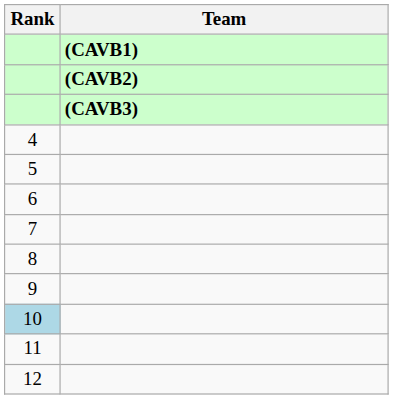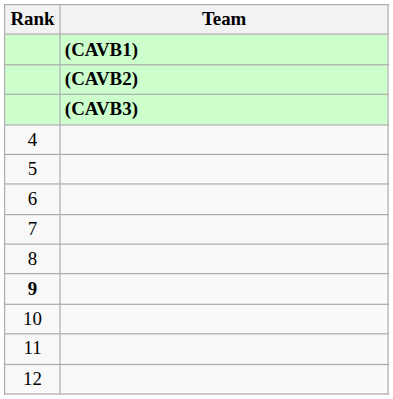 <table class="wikitable" style="text-align:center;">
 <tr>
 <th width=40>Rank</th>
 <th width=270>Team</th>
 </tr>
 <tr bgcolor=#ccffcc>
 <td></td>
 <td style="text-align:left;"><strong> (CAVB1)</strong></td>
 </tr>
 <tr bgcolor=#ccffcc>
 <td></td>
 <td style="text-align:left;"><strong> (CAVB2)</strong></td>
 </tr>
 <tr bgcolor=#ccffcc>
 <td></td>
 <td style="text-align:left;"><strong> (CAVB3)</strong></td>
 </tr>
 <tr>
 <td>4</td>
 <td style="text-align:left;"></td>
 </tr>
 <tr>
 <td>5</td>
 <td style="text-align:left;"></td>
 </tr>
 <tr>
 <td>6</td>
 <td style="text-align:left;"></td>
 </tr>
 <tr>
 <td>7</td>
 <td style="text-align:left;"></td>
 </tr>
 <tr>
 <td>8</td>
 <td style="text-align:left;"></td>
 </tr>
 <tr>
-<td>9</td>
+<td><strong>9</strong></td>
 <td style="text-align:left;"></td>
 </tr>
 <tr>
-<td style="background: lightblue;">10</td>
+<td>10</td>
 <td style="text-align:left;"></td>
 </tr>
 <tr>
 <td>11</td>
 <td style="text-align:left;"></td>
 </tr>
 <tr>
 <td>12</td>
 <td style="text-align:left;"></td>
 </tr>
 </table>
